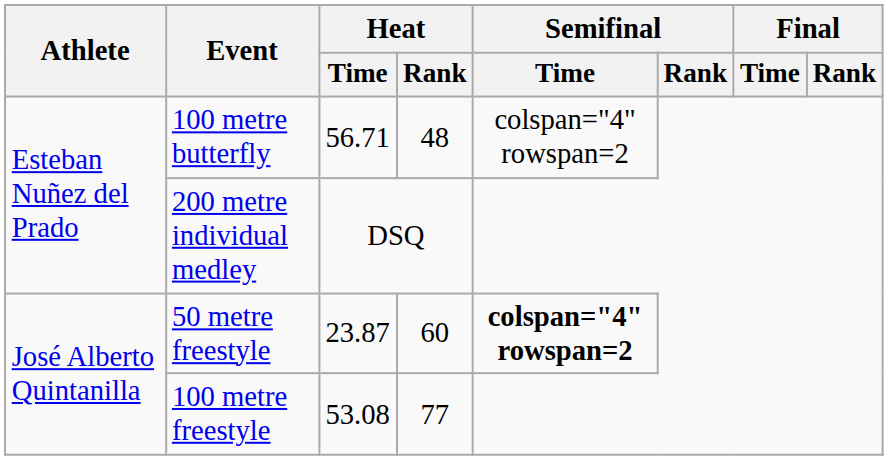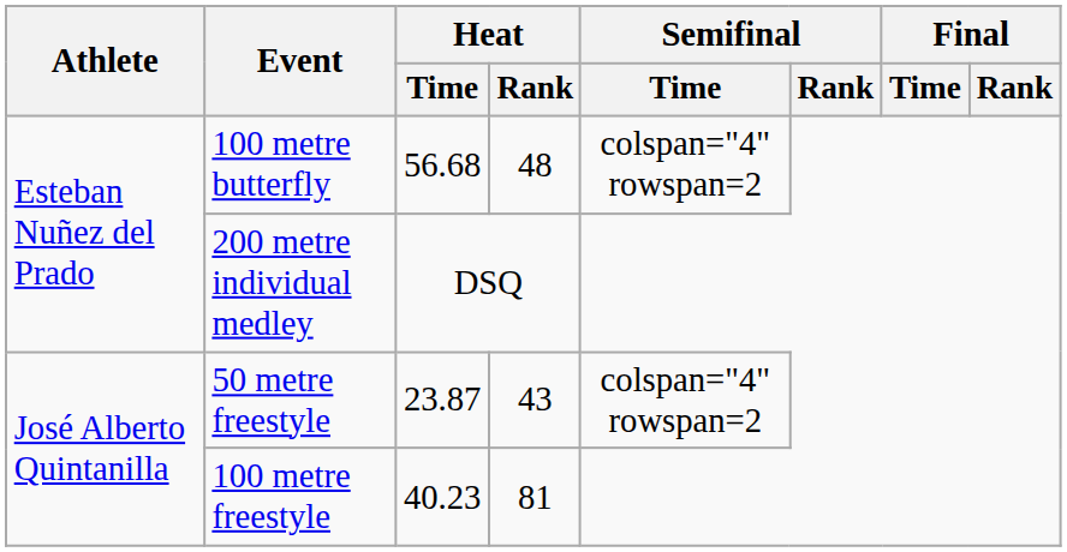 <table class="wikitable" style="text-align:center; font-size:90%; width:50%;">
 <tr>
 <th rowspan="2">Athlete</th>
 <th rowspan="2">Event</th>
 <th colspan="2">Heat</th>
 <th colspan="2">Semifinal</th>
 <th colspan="2">Final</th>
 </tr>
 <tr style="font-size:95%">
 <th>Time</th>
 <th>Rank</th>
 <th>Time</th>
 <th>Rank</th>
 <th>Time</th>
 <th>Rank</th>
 </tr>
 <tr align=center>
 <td align=left rowspan="2"><a href='#'>Esteban Nuñez del Prado</a></td>
 <td align=left><a href='#'>100 metre butterfly</a></td>
-<td>56.71</td>
+<td>56.68</td>
 <td>48</td>
 <td>colspan="4" rowspan=2 </td>
 </tr>
 <tr align=center>
 <td align=left><a href='#'>200 metre individual medley</a></td>
 <td colspan="2">DSQ</td>
 </tr>
 <tr align=center>
 <td align=left rowspan="2"><a href='#'>José Alberto Quintanilla</a></td>
 <td align=left><a href='#'>50 metre freestyle</a></td>
 <td>23.87</td>
-<td>60</td>
-<td><strong>colspan="4" rowspan=2 </strong></td>
+<td>43</td>
+<td>colspan="4" rowspan=2 </td>
 </tr>
 <tr align=center>
 <td align=left><a href='#'>100 metre freestyle</a></td>
-<td>53.08</td>
-<td>77</td>
+<td>40.23</td>
+<td>81</td>
 </tr>
 </table>
